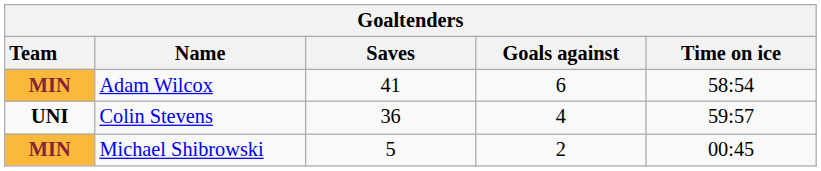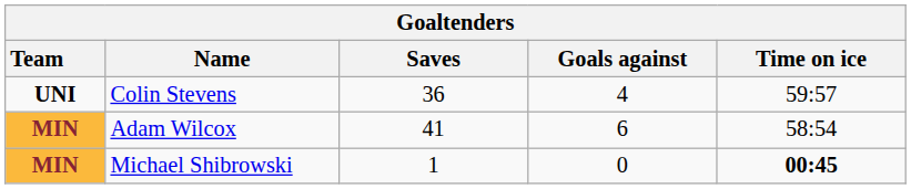 <table class="wikitable" style="width:40em; text-align:right;">
 <tr>
 <th colspan=5>Goaltenders</th>
 </tr>
 <tr>
 <th style="width:4em; text-align:left;">Team</th>
 <th style="width:10em;">Name</th>
 <th style="width:8em;">Saves</th>
 <th style="width:8em;">Goals against</th>
 <th style="width:8em;">Time on ice</th>
 </tr>
 <tr>
-<td align=center style="color:#862334; background:#FBB93C; "><strong>MIN</strong></td>
-<td style="text-align:left;"><a href='#'>Adam Wilcox</a></td>
-<td align=center>41</td>
-<td align=center>6</td>
-<td align=center>58:54</td>
-</tr>
-<tr>
 <td align=center><strong>UNI</strong></td>
 <td style="text-align:left;"><a href='#'>Colin Stevens</a></td>
 <td align=center>36</td>
 <td align=center>4</td>
 <td align=center>59:57</td>
 </tr>
 <tr>
 <td align=center style="color:#862334; background:#FBB93C; "><strong>MIN</strong></td>
+<td style="text-align:left;"><a href='#'>Adam Wilcox</a></td>
+<td align=center>41</td>
+<td align=center>6</td>
+<td align=center>58:54</td>
+</tr>
+<tr>
+<td align=center style="color:#862334; background:#FBB93C; "><strong>MIN</strong></td>
 <td style="text-align:left;"><a href='#'>Michael Shibrowski</a></td>
-<td align=center>5</td>
-<td align=center>2</td>
-<td align=center>00:45</td>
+<td align=center>1</td>
+<td align=center>0</td>
+<td align=center><strong>00:45</strong></td>
 </tr>
 </table>
